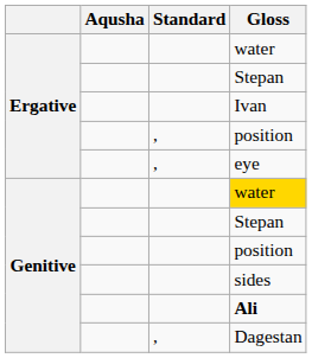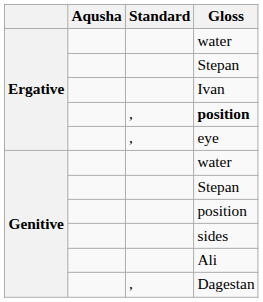 <table class="wikitable">
 <tr>
 <th></th>
 <th>Aqusha</th>
 <th>Standard</th>
 <th>Gloss</th>
 </tr>
 <tr>
 <th rowspan="5">Ergative</th>
 <td></td>
 <td></td>
 <td>water</td>
 </tr>
 <tr>
 <td></td>
 <td></td>
 <td>Stepan</td>
 </tr>
 <tr>
 <td></td>
 <td></td>
 <td>Ivan</td>
 </tr>
 <tr>
 <td></td>
 <td>, </td>
-<td>position</td>
+<td><strong>position</strong></td>
 </tr>
 <tr>
 <td></td>
 <td>, </td>
 <td>eye</td>
 </tr>
 <tr>
 <th rowspan="6">Genitive</th>
 <td></td>
 <td></td>
-<td style="background: gold;">water</td>
+<td>water</td>
 </tr>
 <tr>
 <td></td>
 <td></td>
 <td>Stepan</td>
 </tr>
 <tr>
 <td></td>
 <td></td>
 <td>position</td>
 </tr>
 <tr>
 <td></td>
 <td></td>
 <td>sides</td>
 </tr>
 <tr>
 <td></td>
 <td></td>
-<td><strong>Ali</strong></td>
+<td>Ali</td>
 </tr>
 <tr>
 <td></td>
 <td>, </td>
 <td>Dagestan</td>
 </tr>
 </table>
